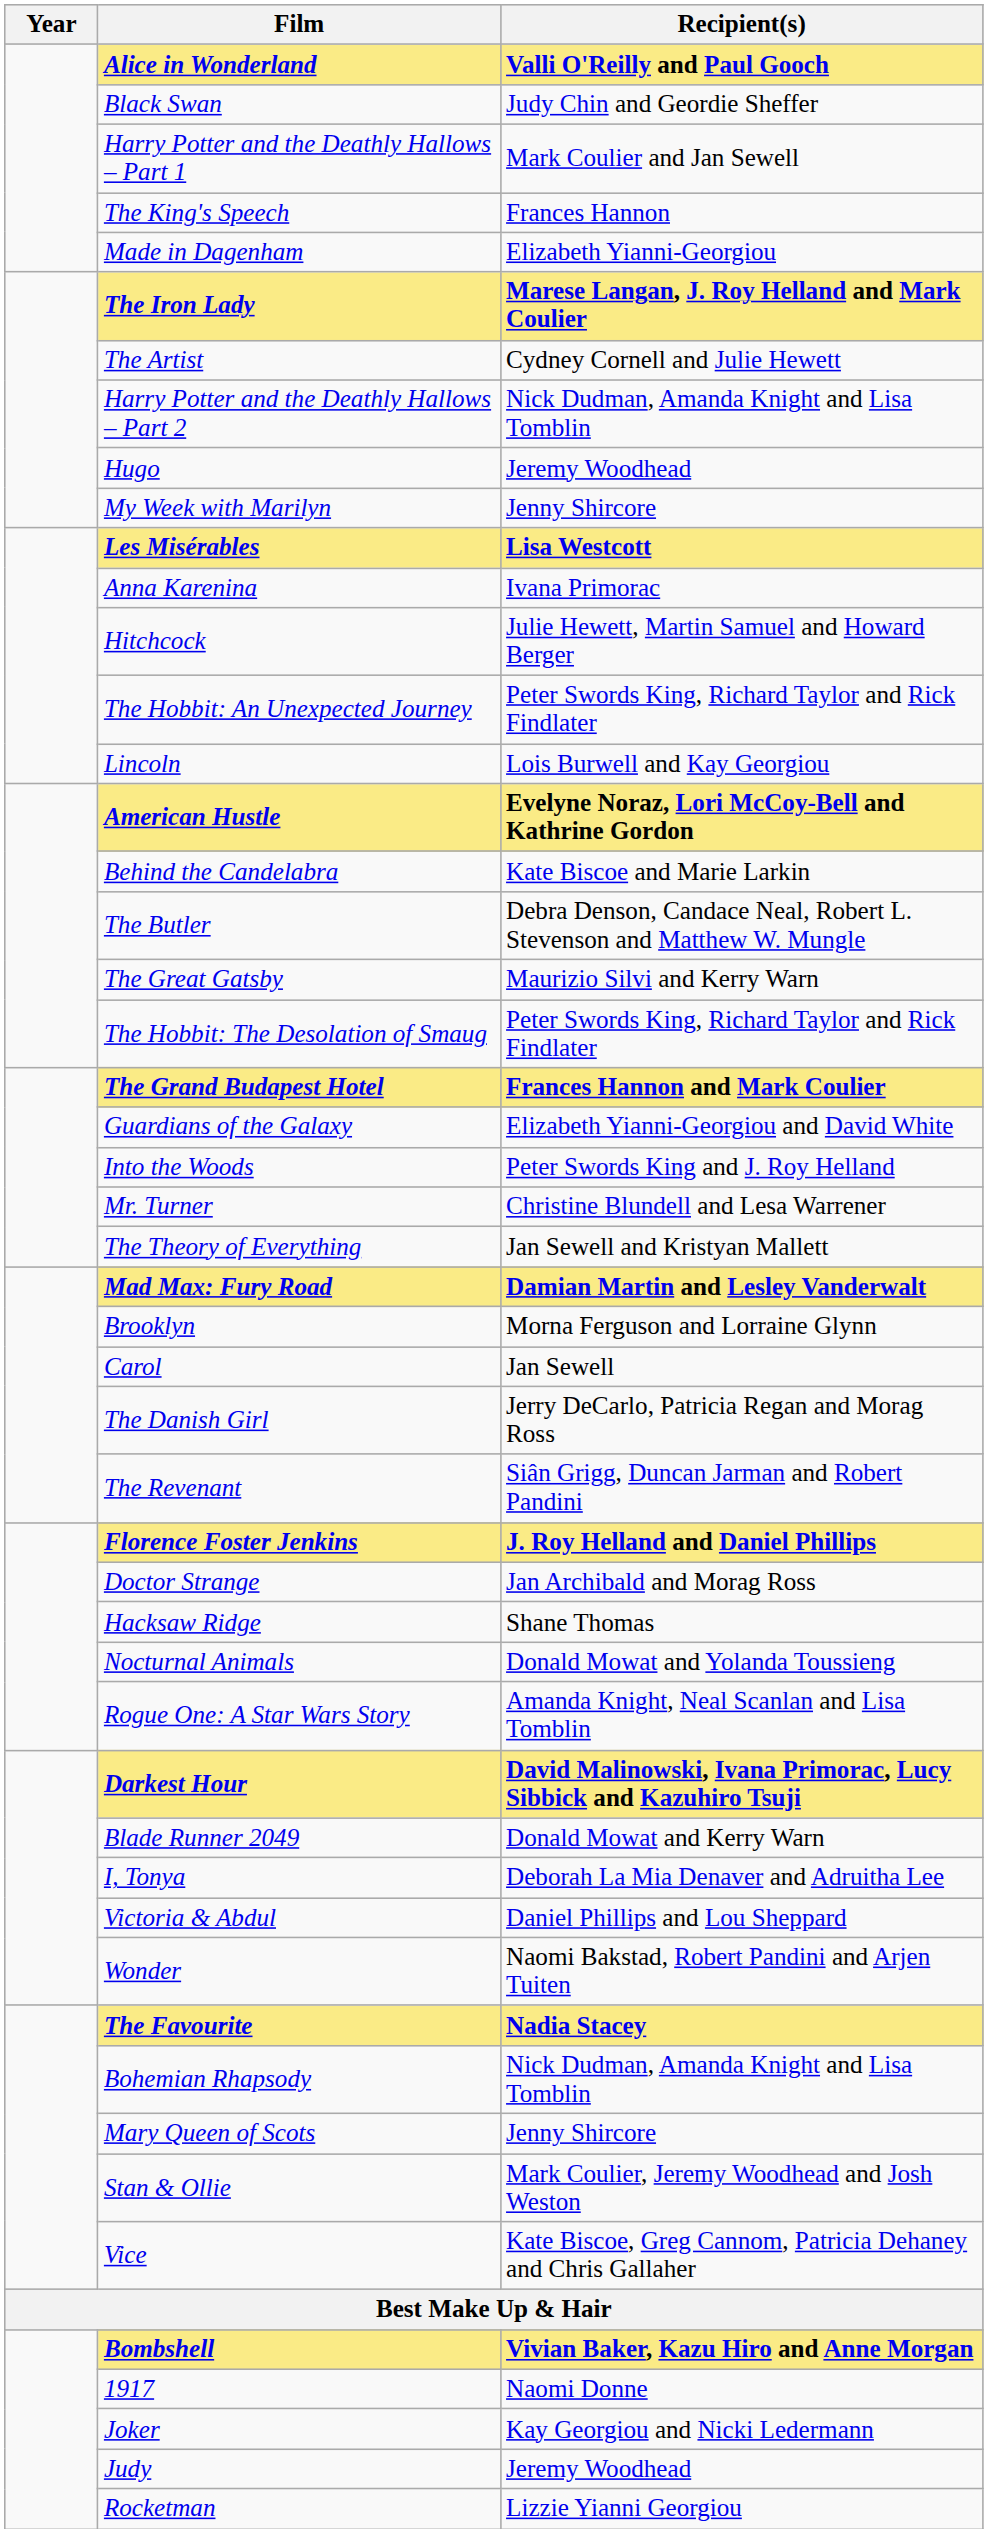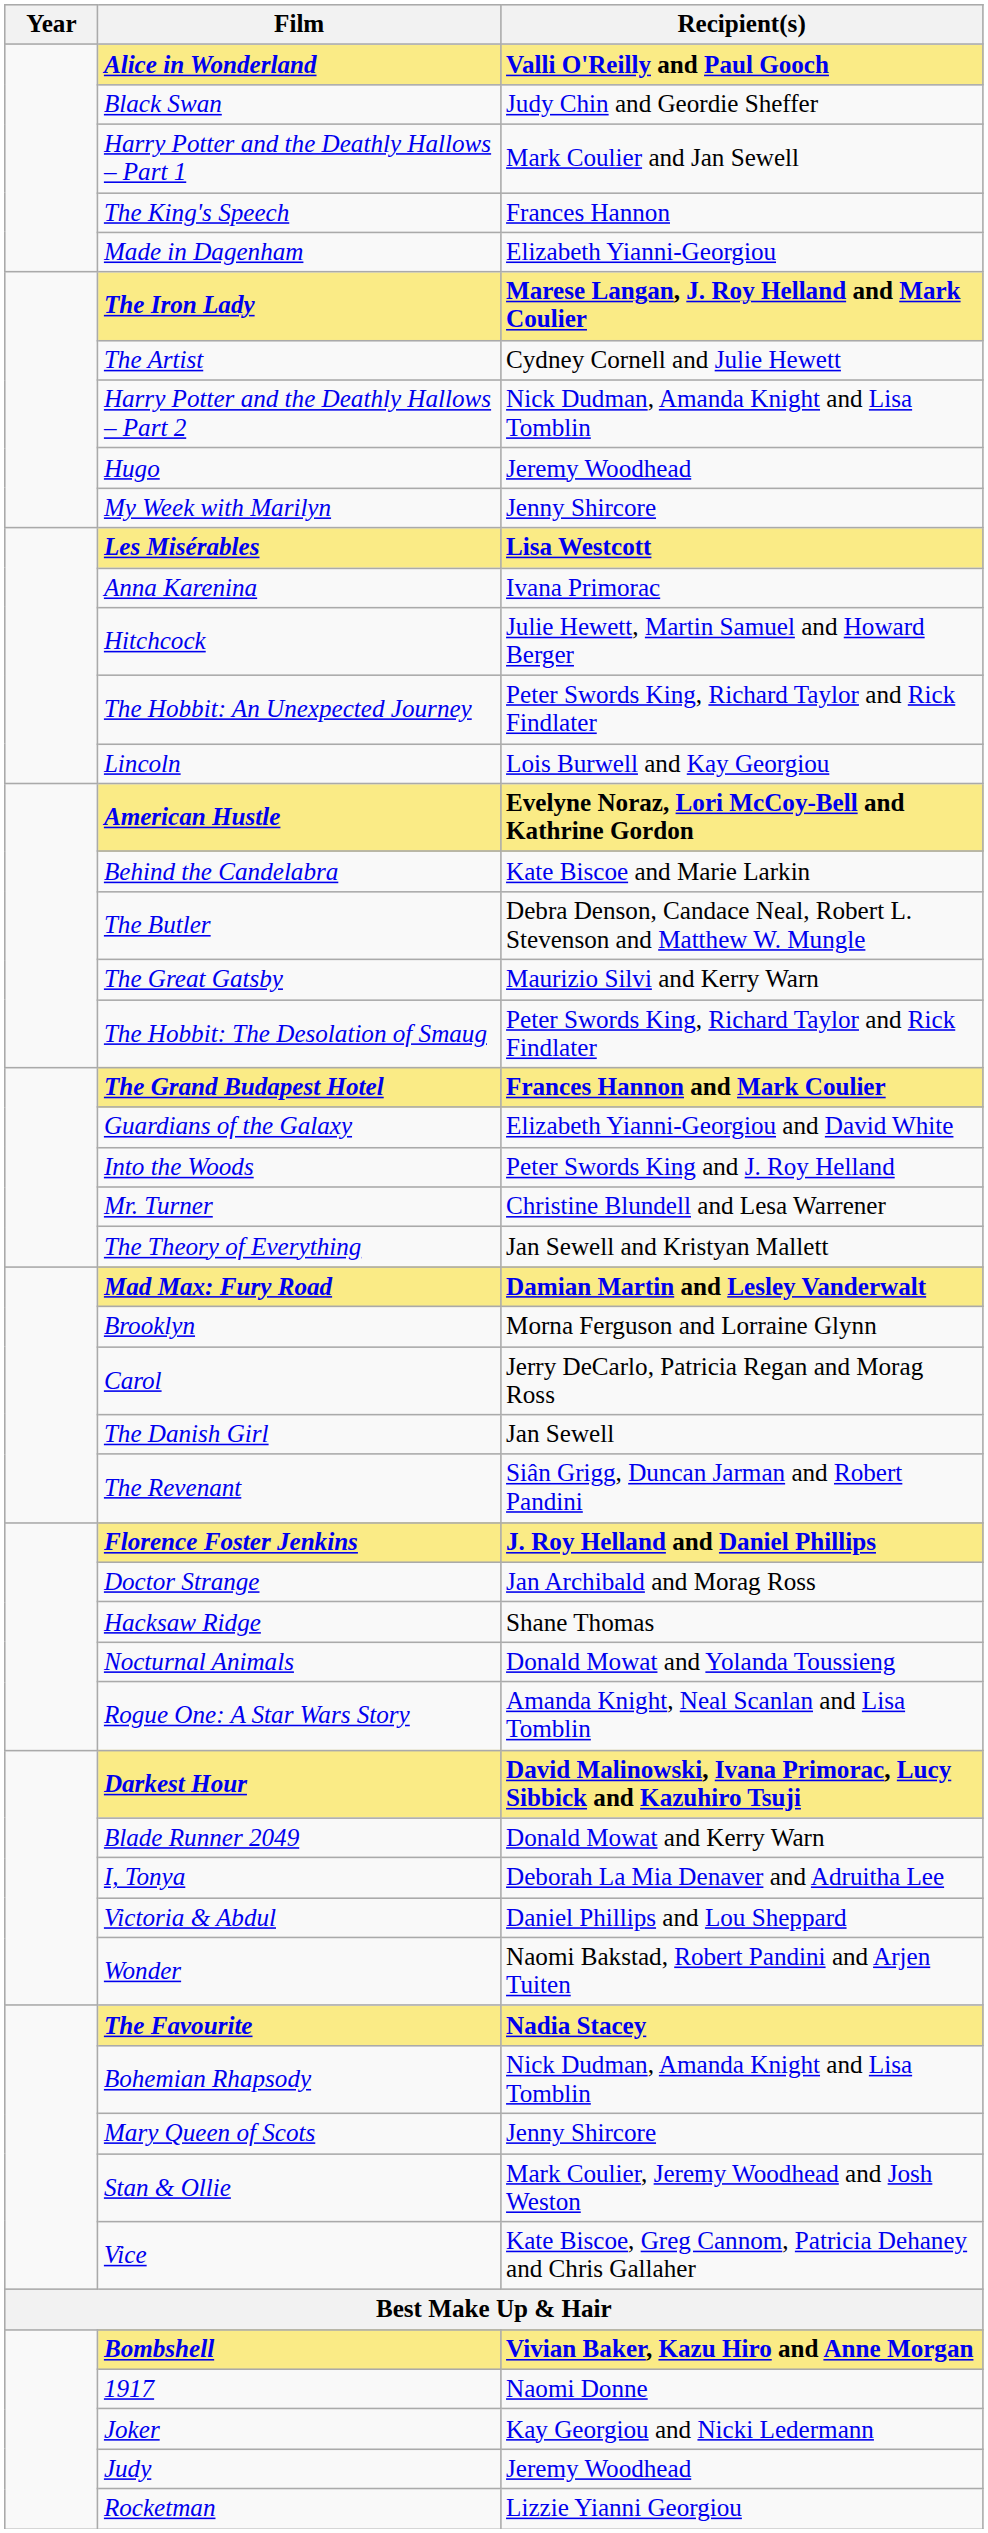 <table class="wikitable" style="width:100%;" cellpadding="5">
 <tr>
 <th style="width:5%;">Year</th>
 <th style="width:25%;">Film</th>
 <th style="width:30%;">Recipient(s)</th>
 </tr>
 <tr>
 <td rowspan="5"></td>
 <td style="background:#FAEB86"><strong><em><a href='#'>Alice in Wonderland</a></em></strong></td>
 <td style="background:#FAEB86"><strong><a href='#'>Valli O'Reilly</a> and <a href='#'>Paul Gooch</a></strong></td>
 </tr>
 <tr>
 <td><em><a href='#'>Black Swan</a></em></td>
 <td><a href='#'>Judy Chin</a> and Geordie Sheffer</td>
 </tr>
 <tr>
 <td><em><a href='#'>Harry Potter and the Deathly Hallows – Part 1</a></em></td>
 <td><a href='#'>Mark Coulier</a> and Jan Sewell</td>
 </tr>
 <tr>
 <td><em><a href='#'>The King's Speech</a></em></td>
 <td><a href='#'>Frances Hannon</a></td>
 </tr>
 <tr>
 <td><em><a href='#'>Made in Dagenham</a></em></td>
 <td><a href='#'>Elizabeth Yianni-Georgiou</a></td>
 </tr>
 <tr>
 <td rowspan="5"></td>
 <td style="background:#FAEB86"><strong><em><a href='#'>The Iron Lady</a></em></strong></td>
 <td style="background:#FAEB86"><strong><a href='#'>Marese Langan</a>, <a href='#'>J. Roy Helland</a> and <a href='#'>Mark Coulier</a></strong></td>
 </tr>
 <tr>
 <td><em><a href='#'>The Artist</a></em></td>
 <td>Cydney Cornell and <a href='#'>Julie Hewett</a></td>
 </tr>
 <tr>
 <td><em><a href='#'>Harry Potter and the Deathly Hallows – Part 2</a></em></td>
 <td><a href='#'>Nick Dudman</a>, <a href='#'>Amanda Knight</a> and <a href='#'>Lisa Tomblin</a></td>
 </tr>
 <tr>
 <td><em><a href='#'>Hugo</a></em></td>
 <td><a href='#'>Jeremy Woodhead</a></td>
 </tr>
 <tr>
 <td><em><a href='#'>My Week with Marilyn</a></em></td>
 <td><a href='#'>Jenny Shircore</a></td>
 </tr>
 <tr>
 <td rowspan="5"></td>
 <td style="background:#FAEB86"><strong><em><a href='#'>Les Misérables</a></em></strong></td>
 <td style="background:#FAEB86"><strong><a href='#'>Lisa Westcott</a></strong></td>
 </tr>
 <tr>
 <td><em><a href='#'>Anna Karenina</a></em></td>
 <td><a href='#'>Ivana Primorac</a></td>
 </tr>
 <tr>
 <td><em><a href='#'>Hitchcock</a></em></td>
 <td><a href='#'>Julie Hewett</a>, <a href='#'>Martin Samuel</a> and <a href='#'>Howard Berger</a></td>
 </tr>
 <tr>
 <td><em><a href='#'>The Hobbit: An Unexpected Journey</a></em></td>
 <td><a href='#'>Peter Swords King</a>, <a href='#'>Richard Taylor</a> and <a href='#'>Rick Findlater</a></td>
 </tr>
 <tr>
 <td><em><a href='#'>Lincoln</a></em></td>
 <td><a href='#'>Lois Burwell</a> and <a href='#'>Kay Georgiou</a></td>
 </tr>
 <tr>
 <td rowspan="5"></td>
 <td style="background:#FAEB86"><strong><em><a href='#'>American Hustle</a></em></strong></td>
 <td style="background:#FAEB86"><strong>Evelyne Noraz, <a href='#'>Lori McCoy-Bell</a> and Kathrine Gordon</strong></td>
 </tr>
 <tr>
 <td><em><a href='#'>Behind the Candelabra</a></em></td>
 <td><a href='#'>Kate Biscoe</a> and Marie Larkin</td>
 </tr>
 <tr>
 <td><em><a href='#'>The Butler</a></em></td>
 <td>Debra Denson, Candace Neal, Robert L. Stevenson and <a href='#'>Matthew W. Mungle</a></td>
 </tr>
 <tr>
 <td><em><a href='#'>The Great Gatsby</a></em></td>
 <td><a href='#'>Maurizio Silvi</a> and Kerry Warn</td>
 </tr>
 <tr>
 <td><em><a href='#'>The Hobbit: The Desolation of Smaug</a></em></td>
 <td><a href='#'>Peter Swords King</a>, <a href='#'>Richard Taylor</a> and <a href='#'>Rick Findlater</a></td>
 </tr>
 <tr>
 <td rowspan="5"></td>
 <td style="background:#FAEB86"><strong><em><a href='#'>The Grand Budapest Hotel</a></em></strong></td>
 <td style="background:#FAEB86"><strong><a href='#'>Frances Hannon</a> and <a href='#'>Mark Coulier</a></strong></td>
 </tr>
 <tr>
 <td><em><a href='#'>Guardians of the Galaxy</a></em></td>
 <td><a href='#'>Elizabeth Yianni-Georgiou</a> and <a href='#'>David White</a></td>
 </tr>
 <tr>
 <td><em><a href='#'>Into the Woods</a></em></td>
 <td><a href='#'>Peter Swords King</a> and <a href='#'>J. Roy Helland</a></td>
 </tr>
 <tr>
 <td><em><a href='#'>Mr. Turner</a></em></td>
 <td><a href='#'>Christine Blundell</a> and Lesa Warrener</td>
 </tr>
 <tr>
 <td><em><a href='#'>The Theory of Everything</a></em></td>
 <td>Jan Sewell and Kristyan Mallett</td>
 </tr>
 <tr>
 <td rowspan="5"></td>
 <td style="background:#FAEB86"><strong><em><a href='#'>Mad Max: Fury Road</a></em></strong></td>
 <td style="background:#FAEB86"><strong><a href='#'>Damian Martin</a> and <a href='#'>Lesley Vanderwalt</a></strong></td>
 </tr>
 <tr>
 <td><em><a href='#'>Brooklyn</a></em></td>
 <td>Morna Ferguson and Lorraine Glynn</td>
 </tr>
 <tr>
 <td><em><a href='#'>Carol</a></em></td>
-<td>Jan Sewell</td>
+<td>Jerry DeCarlo, Patricia Regan and Morag Ross</td>
 </tr>
 <tr>
 <td><em><a href='#'>The Danish Girl</a></em></td>
-<td>Jerry DeCarlo, Patricia Regan and Morag Ross</td>
+<td>Jan Sewell</td>
 </tr>
 <tr>
 <td><em><a href='#'>The Revenant</a></em></td>
 <td><a href='#'>Siân Grigg</a>, <a href='#'>Duncan Jarman</a> and <a href='#'>Robert Pandini</a></td>
 </tr>
 <tr>
 <td rowspan="5"></td>
 <td style="background:#FAEB86"><strong><em><a href='#'>Florence Foster Jenkins</a></em></strong></td>
 <td style="background:#FAEB86"><strong><a href='#'>J. Roy Helland</a> and <a href='#'>Daniel Phillips</a></strong></td>
 </tr>
 <tr>
 <td><em><a href='#'>Doctor Strange</a></em></td>
 <td><a href='#'>Jan Archibald</a> and Morag Ross</td>
 </tr>
 <tr>
 <td><em><a href='#'>Hacksaw Ridge</a></em></td>
 <td>Shane Thomas</td>
 </tr>
 <tr>
 <td><em><a href='#'>Nocturnal Animals</a></em></td>
 <td><a href='#'>Donald Mowat</a> and <a href='#'>Yolanda Toussieng</a></td>
 </tr>
 <tr>
 <td><em><a href='#'>Rogue One: A Star Wars Story</a></em></td>
 <td><a href='#'>Amanda Knight</a>, <a href='#'>Neal Scanlan</a> and <a href='#'>Lisa Tomblin</a></td>
 </tr>
 <tr>
 <td rowspan="5"></td>
 <td style="background:#FAEB86"><strong><em><a href='#'>Darkest Hour</a></em></strong></td>
 <td style="background:#FAEB86"><strong><a href='#'>David Malinowski</a>, <a href='#'>Ivana Primorac</a>, <a href='#'>Lucy Sibbick</a> and <a href='#'>Kazuhiro Tsuji</a></strong></td>
 </tr>
 <tr>
 <td><em><a href='#'>Blade Runner 2049</a></em></td>
 <td><a href='#'>Donald Mowat</a> and Kerry Warn</td>
 </tr>
 <tr>
 <td><em><a href='#'>I, Tonya</a></em></td>
 <td><a href='#'>Deborah La Mia Denaver</a> and <a href='#'>Adruitha Lee</a></td>
 </tr>
 <tr>
 <td><em><a href='#'>Victoria & Abdul</a></em></td>
 <td><a href='#'>Daniel Phillips</a> and <a href='#'>Lou Sheppard</a></td>
 </tr>
 <tr>
 <td><em><a href='#'>Wonder</a></em></td>
 <td>Naomi Bakstad, <a href='#'>Robert Pandini</a> and <a href='#'>Arjen Tuiten</a></td>
 </tr>
 <tr>
 <td rowspan="5"></td>
 <td style="background:#FAEB86"><strong><em><a href='#'>The Favourite</a></em></strong></td>
 <td style="background:#FAEB86"><strong><a href='#'>Nadia Stacey</a></strong></td>
 </tr>
 <tr>
 <td><em><a href='#'>Bohemian Rhapsody</a></em></td>
 <td><a href='#'>Nick Dudman</a>, <a href='#'>Amanda Knight</a> and <a href='#'>Lisa Tomblin</a></td>
 </tr>
 <tr>
 <td><em><a href='#'>Mary Queen of Scots</a></em></td>
 <td><a href='#'>Jenny Shircore</a></td>
 </tr>
 <tr>
 <td><em><a href='#'>Stan & Ollie</a></em></td>
 <td><a href='#'>Mark Coulier</a>, <a href='#'>Jeremy Woodhead</a> and <a href='#'>Josh Weston</a></td>
 </tr>
 <tr>
 <td><em><a href='#'>Vice</a></em></td>
 <td><a href='#'>Kate Biscoe</a>, <a href='#'>Greg Cannom</a>, <a href='#'>Patricia Dehaney</a> and Chris Gallaher</td>
 </tr>
 <tr>
 <th colspan="3">Best Make Up & Hair</th>
 </tr>
 <tr>
 <td rowspan="5"></td>
 <td style="background:#FAEB86"><strong><em><a href='#'>Bombshell</a></em></strong></td>
 <td style="background:#FAEB86"><strong><a href='#'>Vivian Baker</a>, <a href='#'>Kazu Hiro</a> and <a href='#'>Anne Morgan</a></strong></td>
 </tr>
 <tr>
 <td><em><a href='#'>1917</a></em></td>
 <td><a href='#'>Naomi Donne</a></td>
 </tr>
 <tr>
 <td><em><a href='#'>Joker</a></em></td>
 <td><a href='#'>Kay Georgiou</a> and <a href='#'>Nicki Ledermann</a></td>
 </tr>
 <tr>
 <td><em><a href='#'>Judy</a></em></td>
 <td><a href='#'>Jeremy Woodhead</a></td>
 </tr>
 <tr>
 <td><em><a href='#'>Rocketman</a></em></td>
 <td><a href='#'>Lizzie Yianni Georgiou</a></td>
 </tr>
 </table>
